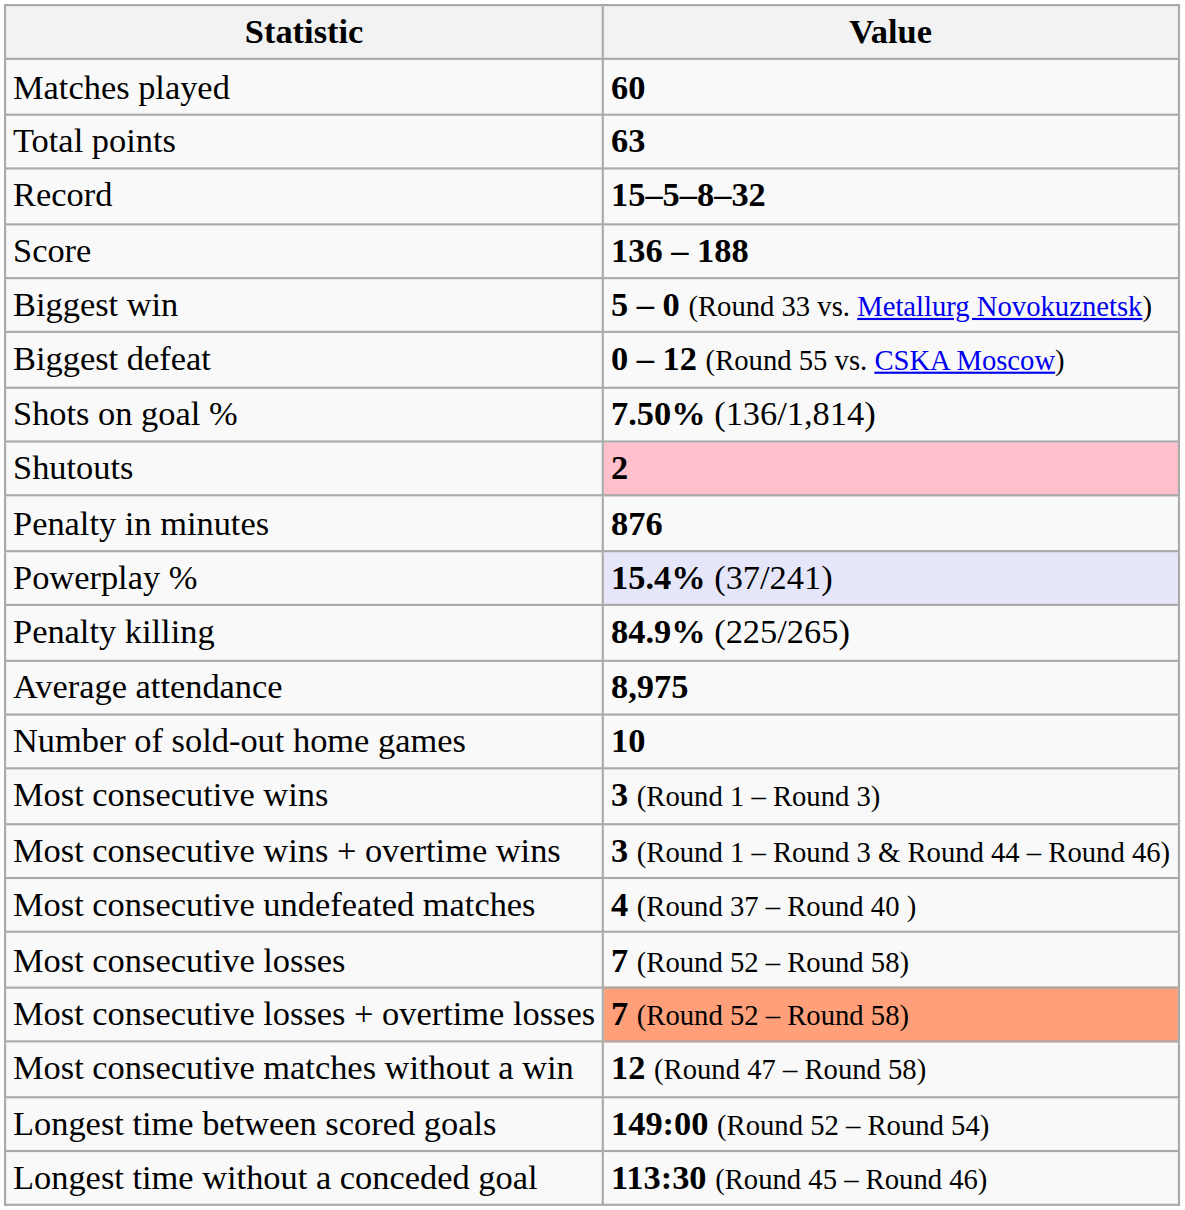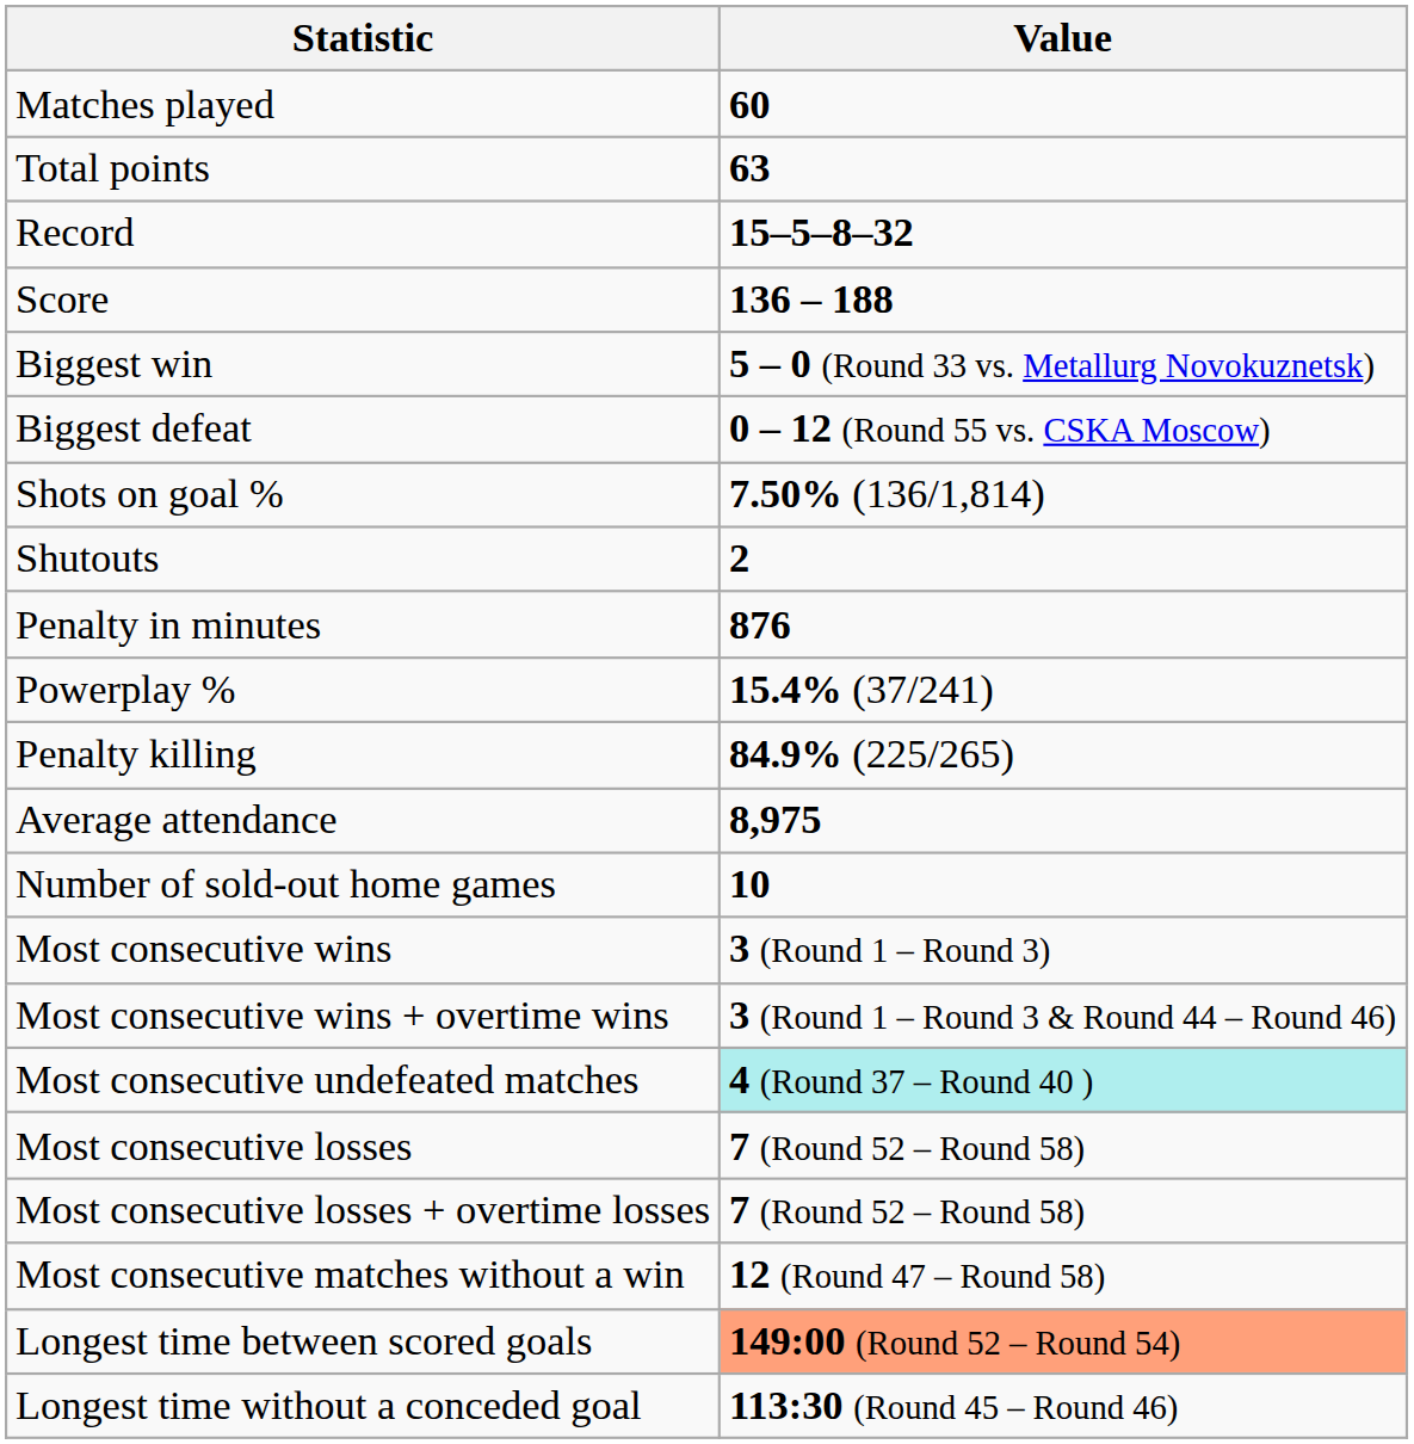 <table class="wikitable">
 <tr>
 <th>Statistic</th>
 <th>Value</th>
 </tr>
 <tr>
 <td>Matches played</td>
 <td><strong>60</strong></td>
 </tr>
 <tr>
 <td>Total points</td>
 <td><strong>63</strong></td>
 </tr>
 <tr>
 <td>Record</td>
 <td><strong>15–5–8–32</strong></td>
 </tr>
 <tr>
 <td>Score</td>
 <td><strong>136 – 188</strong></td>
 </tr>
 <tr>
 <td>Biggest win</td>
 <td><strong>5 – 0</strong> <small>(Round 33 vs. <a href='#'>Metallurg Novokuznetsk</a>)</small></td>
 </tr>
 <tr>
 <td>Biggest defeat</td>
 <td><strong>0 – 12</strong> <small>(Round 55 vs. <a href='#'>CSKA Moscow</a>)</small></td>
 </tr>
 <tr>
 <td>Shots on goal %</td>
 <td><strong>7.50%</strong> (136/1,814)</td>
 </tr>
 <tr>
 <td>Shutouts</td>
-<td style="background: pink;"><strong>2</strong></td>
+<td><strong>2</strong></td>
 </tr>
 <tr>
 <td>Penalty in minutes</td>
 <td><strong>876</strong></td>
 </tr>
 <tr>
 <td>Powerplay %</td>
-<td style="background: lavender;"><strong>15.4%</strong> (37/241)</td>
+<td><strong>15.4%</strong> (37/241)</td>
 </tr>
 <tr>
 <td>Penalty killing</td>
 <td><strong>84.9%</strong> (225/265)</td>
 </tr>
 <tr>
 <td>Average attendance</td>
 <td><strong>8,975</strong> </td>
 </tr>
 <tr>
 <td>Number of sold-out home games</td>
 <td><strong>10</strong></td>
 </tr>
 <tr>
 <td>Most consecutive wins</td>
 <td><strong>3</strong> <small>(Round 1 – Round 3)</small></td>
 </tr>
 <tr>
 <td>Most consecutive wins + overtime wins</td>
 <td><strong>3</strong> <small>(Round 1 – Round 3 & Round 44 – Round 46)</small></td>
 </tr>
 <tr>
 <td>Most consecutive undefeated matches</td>
-<td><strong>4</strong> <small>(Round 37 – Round 40 )</small></td>
+<td style="background: paleturquoise;"><strong>4</strong> <small>(Round 37 – Round 40 )</small></td>
 </tr>
 <tr>
 <td>Most consecutive losses</td>
 <td><strong>7</strong> <small>(Round 52 – Round 58)</small></td>
 </tr>
 <tr>
 <td>Most consecutive losses + overtime losses</td>
-<td style="background: lightsalmon;"><strong>7</strong> <small>(Round 52 – Round 58)</small></td>
+<td><strong>7</strong> <small>(Round 52 – Round 58)</small></td>
 </tr>
 <tr>
 <td>Most consecutive matches without a win</td>
 <td><strong>12</strong> <small>(Round 47 – Round 58)</small></td>
 </tr>
 <tr>
 <td>Longest time between scored goals</td>
-<td><strong>149:00</strong> <small>(Round 52 – Round 54)</small></td>
+<td style="background: lightsalmon;"><strong>149:00</strong> <small>(Round 52 – Round 54)</small></td>
 </tr>
 <tr>
 <td>Longest time without a conceded goal</td>
 <td><strong>113:30</strong> <small>(Round 45 – Round 46)</small></td>
 </tr>
 </table>
